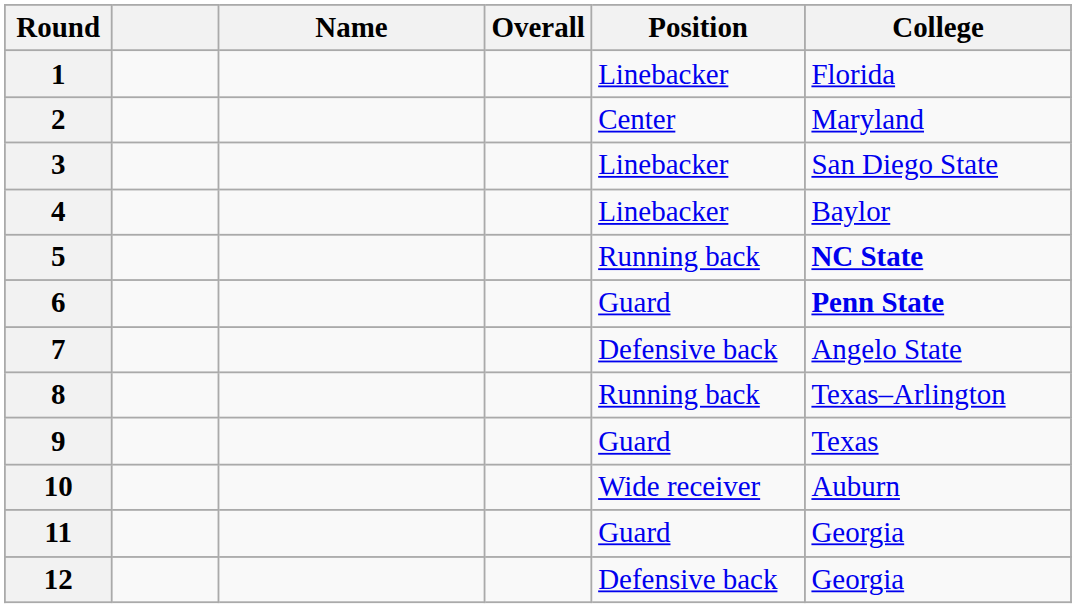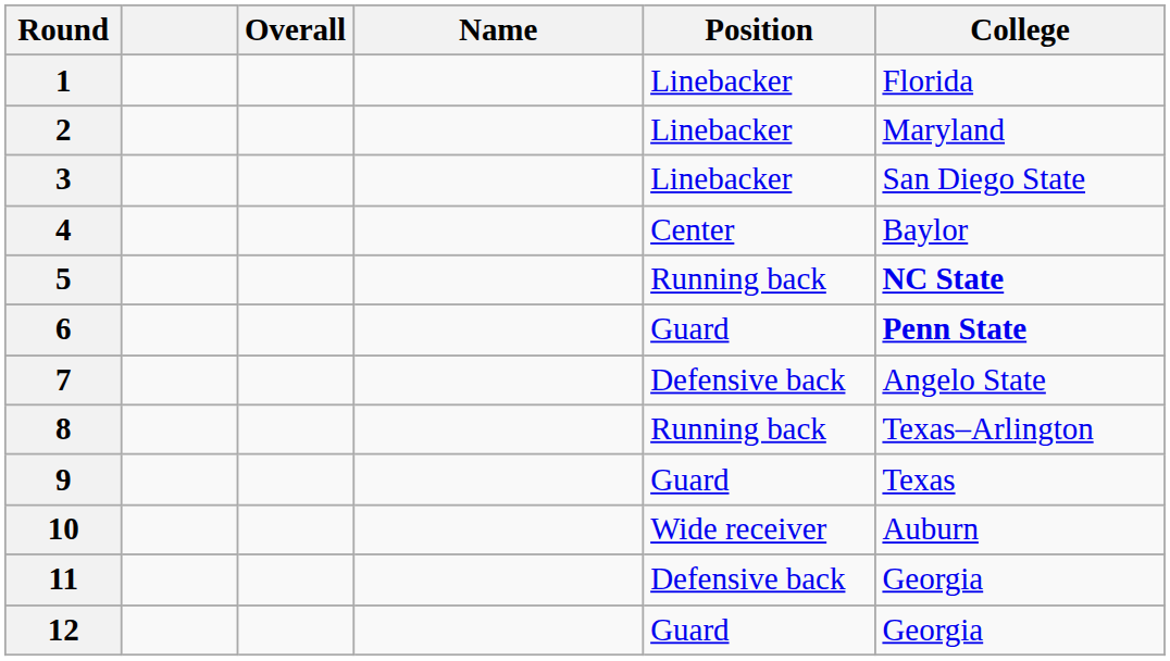 <table class="wikitable sortable">
 <tr>
 <th scope="col" style="width: 10%;">Round</th>
 <th scope="col" style="width: 10%;"></th>
+<th scope="col" style="width: 10%;">Overall</th>
 <th scope="col" style="width: 25%;">Name</th>
-<th scope="col" style="width: 10%;">Overall</th>
 <th scope="col" style="width: 20%;">Position</th>
 <th scope="col" style="width: 25%;">College</th>
 </tr>
 <tr>
 <th scope="row">1</th>
 <td></td>
 <td></td>
 <td></td>
 <td><a href='#'>Linebacker</a></td>
 <td><a href='#'>Florida</a></td>
 </tr>
 <tr>
 <th scope="row">2</th>
 <td></td>
 <td></td>
 <td></td>
-<td><a href='#'>Center</a></td>
+<td><a href='#'>Linebacker</a></td>
 <td><a href='#'>Maryland</a></td>
 </tr>
 <tr>
 <th scope="row">3</th>
 <td></td>
 <td></td>
 <td></td>
 <td><a href='#'>Linebacker</a></td>
 <td><a href='#'>San Diego State</a></td>
 </tr>
 <tr>
 <th scope="row">4</th>
 <td></td>
 <td></td>
 <td></td>
-<td><a href='#'>Linebacker</a></td>
+<td><a href='#'>Center</a></td>
 <td><a href='#'>Baylor</a></td>
 </tr>
 <tr>
 <th scope="row">5</th>
 <td></td>
 <td></td>
 <td></td>
 <td><a href='#'>Running back</a></td>
 <td><strong><a href='#'>NC State</a></strong></td>
 </tr>
 <tr>
 <th scope="row">6</th>
 <td></td>
 <td></td>
 <td></td>
 <td><a href='#'>Guard</a></td>
 <td><strong><a href='#'>Penn State</a></strong></td>
 </tr>
 <tr>
 <th scope="row">7</th>
 <td></td>
 <td></td>
 <td></td>
 <td><a href='#'>Defensive back</a></td>
 <td><a href='#'>Angelo State</a></td>
 </tr>
 <tr>
 <th scope="row">8</th>
 <td></td>
 <td></td>
 <td></td>
 <td><a href='#'>Running back</a></td>
 <td><a href='#'>Texas–Arlington</a></td>
 </tr>
 <tr>
 <th scope="row">9</th>
 <td></td>
 <td></td>
 <td></td>
 <td><a href='#'>Guard</a></td>
 <td><a href='#'>Texas</a></td>
 </tr>
 <tr>
 <th scope="row">10</th>
 <td></td>
 <td></td>
 <td></td>
 <td><a href='#'>Wide receiver</a></td>
 <td><a href='#'>Auburn</a></td>
 </tr>
 <tr>
 <th scope="row">11</th>
 <td></td>
 <td></td>
 <td></td>
-<td><a href='#'>Guard</a></td>
+<td><a href='#'>Defensive back</a></td>
 <td><a href='#'>Georgia</a></td>
 </tr>
 <tr>
 <th scope="row">12</th>
 <td></td>
 <td></td>
 <td></td>
-<td><a href='#'>Defensive back</a></td>
+<td><a href='#'>Guard</a></td>
 <td><a href='#'>Georgia</a></td>
 </tr>
 </table>
